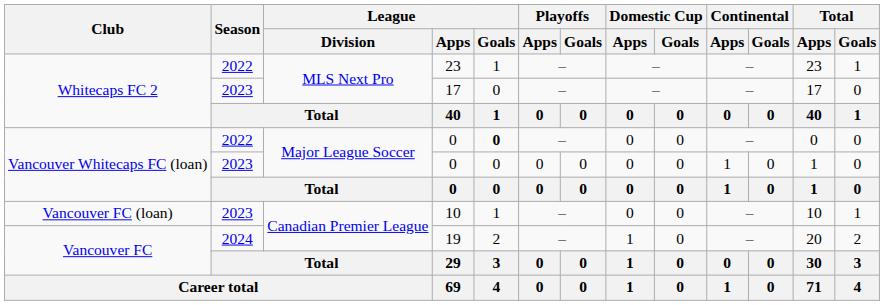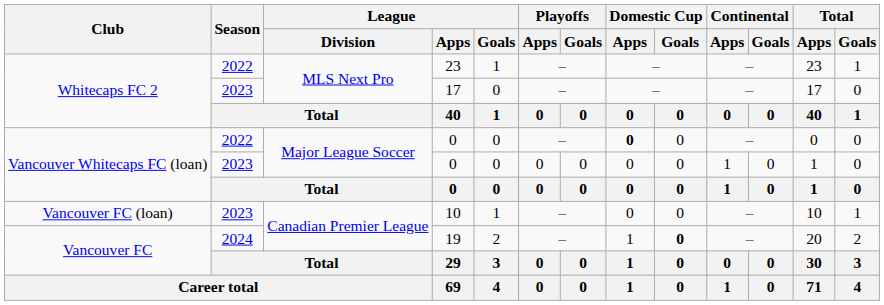 <table class="wikitable" style="text-align: center">
 <tr>
 <th rowspan="2">Club</th>
 <th rowspan="2">Season</th>
 <th colspan="3">League</th>
 <th colspan="2">Playoffs</th>
 <th colspan="2">Domestic Cup</th>
 <th colspan="2">Continental</th>
 <th colspan="2">Total</th>
 </tr>
 <tr>
 <th>Division</th>
 <th>Apps</th>
 <th>Goals</th>
 <th>Apps</th>
 <th>Goals</th>
 <th>Apps</th>
 <th>Goals</th>
 <th>Apps</th>
 <th>Goals</th>
 <th>Apps</th>
 <th>Goals</th>
 </tr>
 <tr>
 <td rowspan=3><a href='#'>Whitecaps FC 2</a></td>
 <td><a href='#'>2022</a></td>
 <td rowspan=2><a href='#'>MLS Next Pro</a></td>
 <td>23</td>
 <td>1</td>
 <td colspan="2">–</td>
 <td colspan="2">–</td>
 <td colspan="2">–</td>
 <td>23</td>
 <td>1</td>
 </tr>
 <tr>
 <td><a href='#'>2023</a></td>
 <td>17</td>
 <td>0</td>
 <td colspan="2">–</td>
 <td colspan="2">–</td>
 <td colspan="2">–</td>
 <td>17</td>
 <td>0</td>
 </tr>
 <tr>
 <th colspan="2">Total</th>
 <th>40</th>
 <th>1</th>
 <th>0</th>
 <th>0</th>
 <th>0</th>
 <th>0</th>
 <th>0</th>
 <th>0</th>
 <th>40</th>
 <th>1</th>
 </tr>
 <tr>
 <td rowspan=3><a href='#'>Vancouver Whitecaps FC</a> (loan)</td>
 <td><a href='#'>2022</a></td>
 <td rowspan=2><a href='#'>Major League Soccer</a></td>
 <td>0</td>
+<td>0</td>
+<td colspan="2">–</td>
 <td><strong>0</strong></td>
-<td colspan="2">–</td>
-<td>0</td>
 <td>0</td>
 <td colspan="2">–</td>
 <td>0</td>
 <td>0</td>
 </tr>
 <tr>
 <td><a href='#'>2023</a></td>
 <td>0</td>
 <td>0</td>
 <td>0</td>
 <td>0</td>
 <td>0</td>
 <td>0</td>
 <td>1</td>
 <td>0</td>
 <td>1</td>
 <td>0</td>
 </tr>
 <tr>
 <th colspan="2">Total</th>
 <th>0</th>
 <th>0</th>
 <th>0</th>
 <th>0</th>
 <th>0</th>
 <th>0</th>
 <th>1</th>
 <th>0</th>
 <th>1</th>
 <th>0</th>
 </tr>
 <tr>
 <td><a href='#'>Vancouver FC</a> (loan)</td>
 <td><a href='#'>2023</a></td>
 <td rowspan=2><a href='#'>Canadian Premier League</a></td>
 <td>10</td>
 <td>1</td>
 <td colspan="2">–</td>
 <td>0</td>
 <td>0</td>
 <td colspan="2">–</td>
 <td>10</td>
 <td>1</td>
 </tr>
 <tr>
 <td rowspan=2><a href='#'>Vancouver FC</a></td>
 <td><a href='#'>2024</a></td>
 <td>19</td>
 <td>2</td>
 <td colspan="2">–</td>
 <td>1</td>
-<td>0</td>
+<td><strong>0</strong></td>
 <td colspan="2">–</td>
 <td>20</td>
 <td>2</td>
 </tr>
 <tr>
 <th colspan="2">Total</th>
 <th>29</th>
 <th>3</th>
 <th>0</th>
 <th>0</th>
 <th>1</th>
 <th>0</th>
 <th>0</th>
 <th>0</th>
 <th>30</th>
 <th>3</th>
 </tr>
 <tr>
 <th colspan="3"><strong>Career total</strong></th>
 <th>69</th>
 <th>4</th>
 <th>0</th>
 <th>0</th>
 <th>1</th>
 <th>0</th>
 <th>1</th>
 <th>0</th>
 <th>71</th>
 <th>4</th>
 </tr>
 </table>
